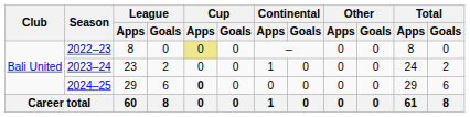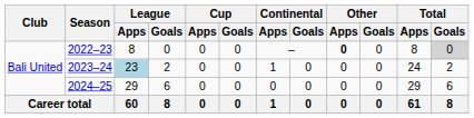 <table class="wikitable" style="text-align: center">
 <tr>
 <th rowspan="2">Club</th>
 <th rowspan="2">Season</th>
 <th colspan="2">League</th>
 <th colspan="2">Cup</th>
 <th colspan="2">Continental</th>
 <th colspan="2">Other</th>
 <th colspan="2">Total</th>
 </tr>
 <tr>
 <th>Apps</th>
 <th>Goals</th>
 <th>Apps</th>
 <th>Goals</th>
 <th>Apps</th>
 <th>Goals</th>
 <th>Apps</th>
 <th>Goals</th>
 <th>Apps</th>
 <th>Goals</th>
 </tr>
 <tr>
 <td rowspan="3" valign="center"><a href='#'>Bali United</a></td>
 <td><a href='#'>2022–23</a></td>
 <td>8</td>
 <td>0</td>
-<td style="background: khaki;">0</td>
+<td>0</td>
 <td>0</td>
 <td colspan="2">–</td>
-<td>0</td>
+<td><strong>0</strong></td>
 <td>0</td>
 <td>8</td>
-<td>0</td>
+<td style="background: lightgrey;">0</td>
 </tr>
 <tr>
 <td><a href='#'>2023–24</a></td>
-<td>23</td>
+<td style="background: lightblue;">23</td>
 <td>2</td>
 <td>0</td>
 <td>0</td>
 <td>1</td>
 <td>0</td>
 <td>0</td>
 <td>0</td>
 <td>24</td>
 <td>2</td>
 </tr>
 <tr>
 <td><a href='#'>2024–25</a></td>
 <td>29</td>
 <td>6</td>
-<td><strong>0</strong></td>
+<td>0</td>
 <td>0</td>
 <td>0</td>
 <td>0</td>
 <td>0</td>
 <td>0</td>
 <td>29</td>
 <td>6</td>
 </tr>
 <tr>
 <th colspan=2>Career total</th>
 <th>60</th>
 <th>8</th>
 <th>0</th>
 <th>0</th>
 <th>1</th>
 <th>0</th>
 <th>0</th>
 <th>0</th>
 <th>61</th>
 <th>8</th>
 </tr>
 </table>
